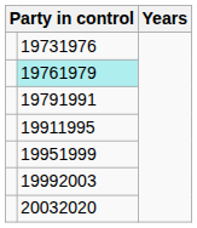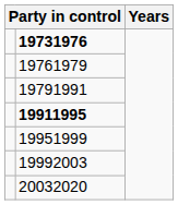 <table class="wikitable">
 <tr>
 <th colspan="2">Party in control</th>
 <th>Years</th>
 </tr>
 <tr>
 <td></td>
-<td>19731976</td>
+<td><strong>19731976</strong></td>
 </tr>
 <tr>
 <td></td>
-<td style="background: paleturquoise;">19761979</td>
+<td>19761979</td>
 </tr>
 <tr>
 <td></td>
 <td>19791991</td>
 </tr>
 <tr>
 <td></td>
-<td>19911995</td>
+<td><strong>19911995</strong></td>
 </tr>
 <tr>
 <td></td>
 <td>19951999</td>
 </tr>
 <tr>
 <td></td>
 <td>19992003</td>
 </tr>
 <tr>
 <td></td>
 <td>20032020</td>
 </tr>
 </table>
